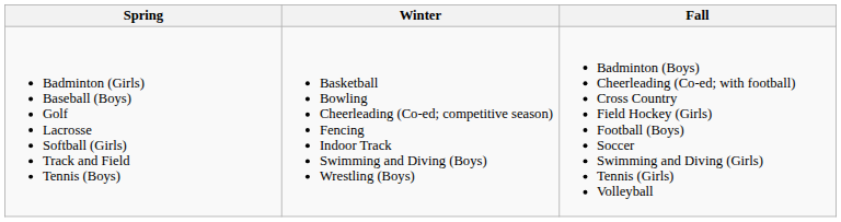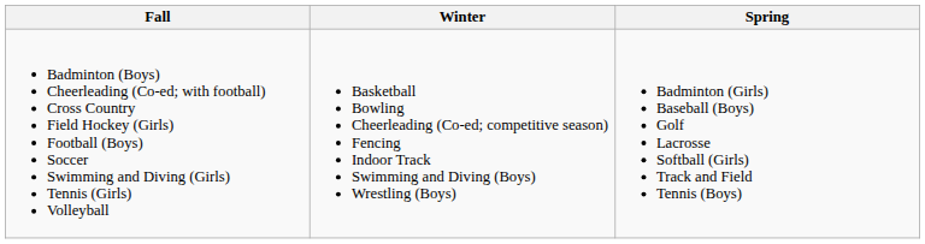 <table class="wikitable" style="vertical-align:bottom;">
 <tr>
+<th style="width:33%">Fall</th>
+<th style="width:33%">Winter</th>
 <th style="width:33%">Spring</th>
-<th style="width:33%">Winter</th>
-<th style="width:33%">Fall</th>
 </tr>
 <tr>
+<td><br><ul><li>Badminton (Boys)</li><li>Cheerleading (Co-ed; with football)</li><li>Cross Country</li><li>Field Hockey (Girls)</li><li>Football (Boys)</li><li>Soccer</li><li>Swimming and Diving (Girls)</li><li>Tennis (Girls)</li><li>Volleyball</li></ul></td>
+<td><br><ul><li>Basketball</li><li>Bowling</li><li>Cheerleading (Co-ed; competitive season)</li><li>Fencing</li><li>Indoor Track</li><li>Swimming and Diving (Boys)</li><li>Wrestling (Boys)</li></ul></td>
 <td><br><ul><li>Badminton (Girls)</li><li>Baseball (Boys)</li><li>Golf</li><li>Lacrosse</li><li>Softball (Girls)</li><li>Track and Field</li><li>Tennis (Boys)</li></ul></td>
-<td><br><ul><li>Basketball</li><li>Bowling</li><li>Cheerleading (Co-ed; competitive season)</li><li>Fencing</li><li>Indoor Track</li><li>Swimming and Diving (Boys)</li><li>Wrestling (Boys)</li></ul></td>
-<td><br><ul><li>Badminton (Boys)</li><li>Cheerleading (Co-ed; with football)</li><li>Cross Country</li><li>Field Hockey (Girls)</li><li>Football (Boys)</li><li>Soccer</li><li>Swimming and Diving (Girls)</li><li>Tennis (Girls)</li><li>Volleyball</li></ul></td>
 </tr>
 </table>
